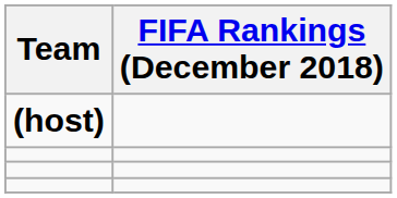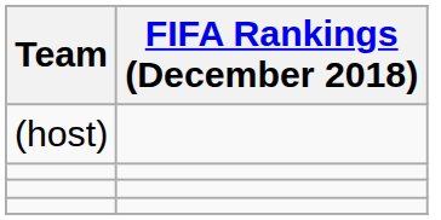 <table class="wikitable sortable" style="text-align: left;">
 <tr>
 <th>Team</th>
 <th><a href='#'>FIFA Rankings</a><br>(December 2018)</th>
 </tr>
 <tr>
-<td><strong> (host)</strong></td>
+<td> (host)</td>
 <td></td>
 </tr>
 <tr>
 <td></td>
 <td></td>
 </tr>
 <tr>
 <td></td>
 <td></td>
 </tr>
 <tr>
 <td></td>
 <td></td>
 </tr>
 </table>
